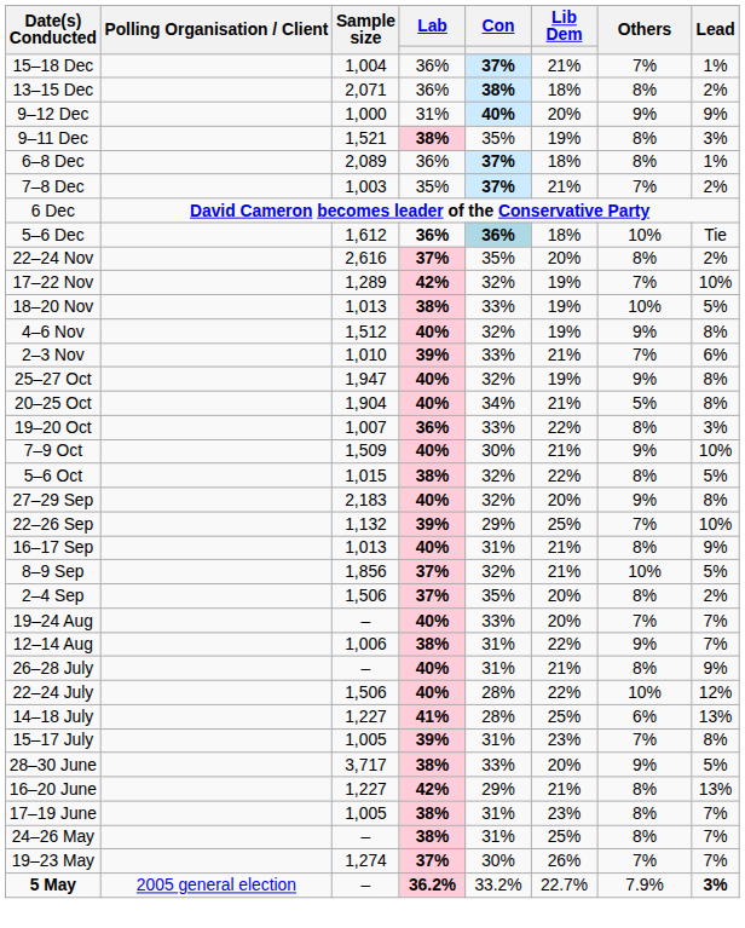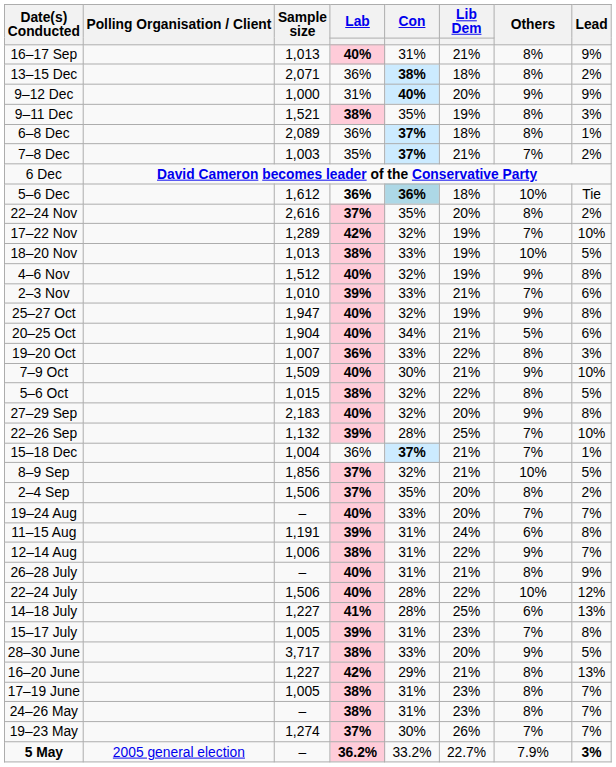 <table class="wikitable sortable mw-datatable" style="text-align:center;font-size:90%;line-height:14px;">
 <tr>
 <th rowspan="2">Date(s)<br>Conducted</th>
 <th rowspan="2">Polling Organisation / Client</th>
 <th rowspan="2" data-sort-type="number">Sample<br>size</th>
 <th class="unsortable" style="width:50px;"><a href='#'>Lab</a></th>
 <th class="unsortable" style="width:50px;"><a href='#'>Con</a></th>
 <th class="unsortable" style="width:50px;"><a href='#'>Lib Dem</a></th>
 <th rowspan="2" class="unsortable" style="width:75px;">Others</th>
 <th rowspan="2" data-sort-type="number">Lead</th>
 </tr>
 <tr>
 <th data-sort-type="number" style="background:"></th>
 <th data-sort-type="number" style="background:"></th>
 <th data-sort-type="number" style="background:"></th>
 </tr>
 <tr>
-<td>15–18 Dec</td>
+<td>16–17 Sep</td>
 <td></td>
-<td>1,004</td>
-<td>36%</td>
-<td style="background:#CCEBFF;"><strong>37%</strong></td>
+<td>1,013</td>
+<td style="background:#FFCCD9;"><strong>40%</strong></td>
+<td>31%</td>
 <td>21%</td>
-<td>7%</td>
-<td style="background:">1%</td>
+<td>8%</td>
+<td style="background:">9%</td>
 </tr>
 <tr>
 <td>13–15 Dec</td>
 <td></td>
 <td>2,071</td>
 <td>36%</td>
 <td style="background:#CCEBFF;"><strong>38%</strong></td>
 <td>18%</td>
 <td>8%</td>
 <td style="background:">2%</td>
 </tr>
 <tr>
 <td>9–12 Dec</td>
 <td></td>
 <td>1,000</td>
 <td>31%</td>
 <td style="background:#CCEBFF;"><strong>40%</strong></td>
 <td>20%</td>
 <td>9%</td>
 <td style="background:">9%</td>
 </tr>
 <tr>
 <td>9–11 Dec</td>
 <td></td>
 <td>1,521</td>
 <td style="background:#FFCCD9;"><strong>38%</strong></td>
 <td>35%</td>
 <td>19%</td>
 <td>8%</td>
 <td style="background:">3%</td>
 </tr>
 <tr>
 <td>6–8 Dec</td>
 <td></td>
 <td>2,089</td>
 <td>36%</td>
 <td style="background:#CCEBFF;"><strong>37%</strong></td>
 <td>18%</td>
 <td>8%</td>
 <td style="background:">1%</td>
 </tr>
 <tr>
 <td>7–8 Dec</td>
 <td></td>
 <td>1,003</td>
 <td>35%</td>
 <td style="background:#CCEBFF;"><strong>37%</strong></td>
 <td>21%</td>
 <td>7%</td>
 <td style="background:">2%</td>
 </tr>
 <tr>
 <td>6 Dec</td>
 <td colspan="7"><strong><a href='#'>David Cameron</a> <a href='#'>becomes leader</a> of the <a href='#'>Conservative Party</a></strong></td>
 </tr>
 <tr>
 <td>5–6 Dec</td>
 <td></td>
 <td>1,612</td>
 <td><strong>36%</strong></td>
 <td style="background: lightblue;"><strong>36%</strong></td>
 <td>18%</td>
 <td>10%</td>
 <td>Tie</td>
 </tr>
 <tr>
 <td>22–24 Nov</td>
 <td></td>
 <td>2,616</td>
 <td style="background:#FFCCD9;"><strong>37%</strong></td>
 <td>35%</td>
 <td>20%</td>
 <td>8%</td>
 <td style="background:">2%</td>
 </tr>
 <tr>
 <td>17–22 Nov</td>
 <td></td>
 <td>1,289</td>
 <td style="background:#FFCCD9;"><strong>42%</strong></td>
 <td>32%</td>
 <td>19%</td>
 <td>7%</td>
 <td style="background:">10%</td>
 </tr>
 <tr>
 <td>18–20 Nov</td>
 <td></td>
 <td>1,013</td>
 <td style="background:#FFCCD9;"><strong>38%</strong></td>
 <td>33%</td>
 <td>19%</td>
 <td>10%</td>
 <td style="background:">5%</td>
 </tr>
 <tr>
 <td>4–6 Nov</td>
 <td></td>
 <td>1,512</td>
 <td style="background:#FFCCD9;"><strong>40%</strong></td>
 <td>32%</td>
 <td>19%</td>
 <td>9%</td>
 <td style="background:">8%</td>
 </tr>
 <tr>
 <td>2–3 Nov</td>
 <td></td>
 <td>1,010</td>
 <td style="background:#FFCCD9;"><strong>39%</strong></td>
 <td>33%</td>
 <td>21%</td>
 <td>7%</td>
 <td style="background:">6%</td>
 </tr>
 <tr>
 <td>25–27 Oct</td>
 <td></td>
 <td>1,947</td>
 <td style="background:#FFCCD9;"><strong>40%</strong></td>
 <td>32%</td>
 <td>19%</td>
 <td>9%</td>
 <td style="background:">8%</td>
 </tr>
 <tr>
 <td>20–25 Oct</td>
 <td></td>
 <td>1,904</td>
 <td style="background:#FFCCD9;"><strong>40%</strong></td>
 <td>34%</td>
 <td>21%</td>
 <td>5%</td>
-<td style="background:">8%</td>
+<td style="background:">6%</td>
 </tr>
 <tr>
 <td>19–20 Oct</td>
 <td></td>
 <td>1,007</td>
 <td style="background:#FFCCD9;"><strong>36%</strong></td>
 <td>33%</td>
 <td>22%</td>
 <td>8%</td>
 <td style="background:">3%</td>
 </tr>
 <tr>
 <td>7–9 Oct</td>
 <td></td>
 <td>1,509</td>
 <td style="background:#FFCCD9;"><strong>40%</strong></td>
 <td>30%</td>
 <td>21%</td>
 <td>9%</td>
 <td style="background:">10%</td>
 </tr>
 <tr>
 <td>5–6 Oct</td>
 <td></td>
 <td>1,015</td>
 <td style="background:#FFCCD9;"><strong>38%</strong></td>
 <td>32%</td>
 <td>22%</td>
 <td>8%</td>
 <td style="background:">5%</td>
 </tr>
 <tr>
 <td>27–29 Sep</td>
 <td></td>
 <td>2,183</td>
 <td style="background:#FFCCD9;"><strong>40%</strong></td>
 <td>32%</td>
 <td>20%</td>
 <td>9%</td>
 <td style="background:">8%</td>
 </tr>
 <tr>
 <td>22–26 Sep</td>
 <td></td>
 <td>1,132</td>
 <td style="background:#FFCCD9;"><strong>39%</strong></td>
-<td>29%</td>
+<td>28%</td>
 <td>25%</td>
 <td>7%</td>
 <td style="background:">10%</td>
 </tr>
 <tr>
-<td>16–17 Sep</td>
+<td>15–18 Dec</td>
 <td></td>
-<td>1,013</td>
-<td style="background:#FFCCD9;"><strong>40%</strong></td>
-<td>31%</td>
+<td>1,004</td>
+<td>36%</td>
+<td style="background:#CCEBFF;"><strong>37%</strong></td>
 <td>21%</td>
-<td>8%</td>
-<td style="background:">9%</td>
+<td>7%</td>
+<td style="background:">1%</td>
 </tr>
 <tr>
 <td>8–9 Sep</td>
 <td></td>
 <td>1,856</td>
 <td style="background:#FFCCD9;"><strong>37%</strong></td>
 <td>32%</td>
 <td>21%</td>
 <td>10%</td>
 <td style="background:">5%</td>
 </tr>
 <tr>
 <td>2–4 Sep</td>
 <td></td>
 <td>1,506</td>
 <td style="background:#FFCCD9;"><strong>37%</strong></td>
 <td>35%</td>
 <td>20%</td>
 <td>8%</td>
 <td style="background:">2%</td>
 </tr>
 <tr>
 <td>19–24 Aug</td>
 <td></td>
 <td>–</td>
 <td style="background:#FFCCD9;"><strong>40%</strong></td>
 <td>33%</td>
 <td>20%</td>
 <td>7%</td>
 <td style="background:">7%</td>
+</tr>
+<tr>
+<td>11–15 Aug</td>
+<td></td>
+<td>1,191</td>
+<td style="background:#FFCCD9;"><strong>39%</strong></td>
+<td>31%</td>
+<td>24%</td>
+<td>6%</td>
+<td style="background:">8%</td>
 </tr>
 <tr>
 <td>12–14 Aug</td>
 <td></td>
 <td>1,006</td>
 <td style="background:#FFCCD9;"><strong>38%</strong></td>
 <td>31%</td>
 <td>22%</td>
 <td>9%</td>
 <td style="background:">7%</td>
 </tr>
 <tr>
 <td>26–28 July</td>
 <td></td>
 <td>–</td>
 <td style="background:#FFCCD9;"><strong>40%</strong></td>
 <td>31%</td>
 <td>21%</td>
 <td>8%</td>
 <td style="background:">9%</td>
 </tr>
 <tr>
 <td>22–24 July</td>
 <td></td>
 <td>1,506</td>
 <td style="background:#FFCCD9;"><strong>40%</strong></td>
 <td>28%</td>
 <td>22%</td>
 <td>10%</td>
 <td style="background:">12%</td>
 </tr>
 <tr>
 <td>14–18 July</td>
 <td></td>
 <td>1,227</td>
 <td style="background:#FFCCD9;"><strong>41%</strong></td>
 <td>28%</td>
 <td>25%</td>
 <td>6%</td>
 <td style="background:">13%</td>
 </tr>
 <tr>
 <td>15–17 July</td>
 <td></td>
 <td>1,005</td>
 <td style="background:#FFCCD9;"><strong>39%</strong></td>
 <td>31%</td>
 <td>23%</td>
 <td>7%</td>
 <td style="background:">8%</td>
 </tr>
 <tr>
 <td>28–30 June</td>
 <td></td>
 <td>3,717</td>
 <td style="background:#FFCCD9;"><strong>38%</strong></td>
 <td>33%</td>
 <td>20%</td>
 <td>9%</td>
 <td style="background:">5%</td>
 </tr>
 <tr>
 <td>16–20 June</td>
 <td></td>
 <td>1,227</td>
 <td style="background:#FFCCD9;"><strong>42%</strong></td>
 <td>29%</td>
 <td>21%</td>
 <td>8%</td>
 <td style="background:">13%</td>
 </tr>
 <tr>
 <td>17–19 June</td>
 <td></td>
 <td>1,005</td>
 <td style="background:#FFCCD9;"><strong>38%</strong></td>
 <td>31%</td>
 <td>23%</td>
 <td>8%</td>
 <td style="background:">7%</td>
 </tr>
 <tr>
 <td>24–26 May</td>
 <td></td>
 <td>–</td>
 <td style="background:#FFCCD9;"><strong>38%</strong></td>
 <td>31%</td>
-<td>25%</td>
+<td>23%</td>
 <td>8%</td>
 <td style="background:">7%</td>
 </tr>
 <tr>
 <td>19–23 May</td>
 <td></td>
 <td>1,274</td>
 <td style="background:#FFCCD9;"><strong>37%</strong></td>
 <td>30%</td>
 <td>26%</td>
 <td>7%</td>
 <td style="background:">7%</td>
 </tr>
 <tr>
 <td><strong>5 May</strong></td>
 <td><a href='#'>2005 general election</a></td>
 <td>–</td>
 <td style="background:#FFCCD9;"><strong>36.2%</strong></td>
 <td>33.2%</td>
 <td>22.7%</td>
 <td>7.9%</td>
 <td style="background:"><strong>3%</strong></td>
 </tr>
 </table>
